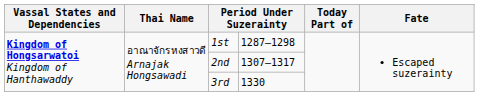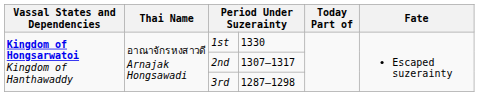 <table class="wikitable">
 <tr>
 <th><strong>Vassal States and Dependencies</strong></th>
 <th>Thai Name</th>
 <th colspan="2">Period Under Suzerainty</th>
 <th>Today Part of</th>
 <th>Fate</th>
 </tr>
 <tr>
 <td rowspan="3"><a href='#'><strong>Kingdom of Hongsarwatoi</strong></a><br><em>Kingdom of Hanthawaddy</em></td>
 <td rowspan="3">อาณาจักรหงสาวดี<br><em>Arnajak Hongsawadi</em></td>
 <td><em>1st</em></td>
-<td>1287–1298</td>
+<td>1330</td>
 <td rowspan="3"></td>
 <td rowspan="3"><br><ul><li>Escaped suzerainty</li></ul></td>
 </tr>
 <tr>
 <td><em>2nd</em></td>
 <td>1307–1317</td>
 </tr>
 <tr>
 <td><em>3rd</em></td>
-<td>1330</td>
+<td>1287–1298</td>
 </tr>
 </table>
